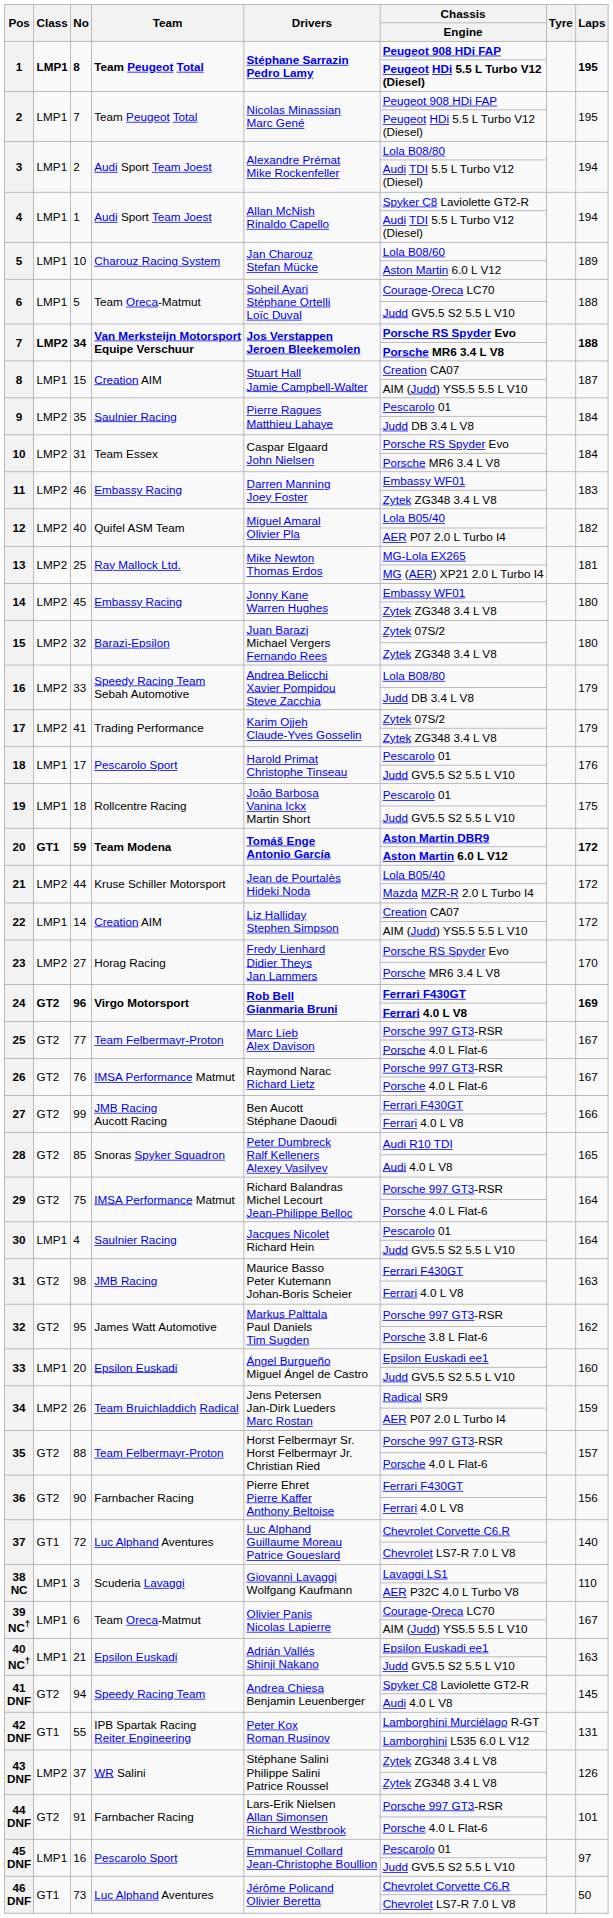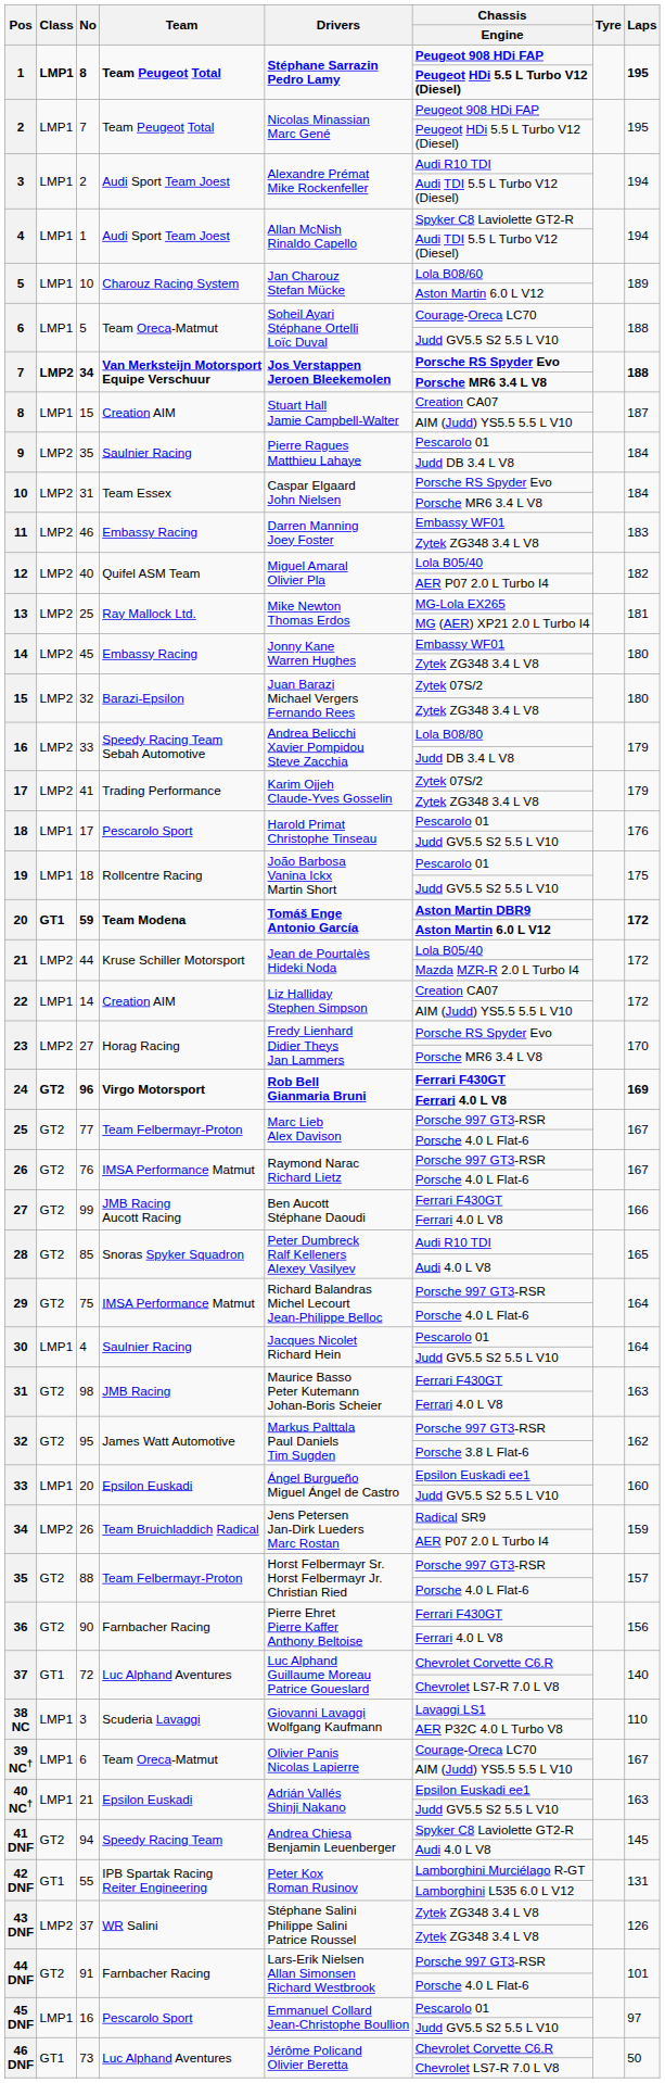 <table class="wikitable" style="font-size: 95%;">
 <tr>
 <th rowspan=2>Pos</th>
 <th rowspan=2>Class</th>
 <th rowspan=2>No</th>
 <th rowspan=2>Team</th>
 <th rowspan=2>Drivers</th>
 <th>Chassis</th>
 <th rowspan=2>Tyre</th>
 <th rowspan=2>Laps</th>
 </tr>
 <tr>
 <th>Engine</th>
 </tr>
 <tr style="font-weight:bold">
 <th rowspan=2>1</th>
 <td rowspan=2>LMP1</td>
 <td rowspan=2>8</td>
 <td rowspan=2> Team <a href='#'>Peugeot</a> <a href='#'>Total</a></td>
 <td rowspan=2> <a href='#'>Stéphane Sarrazin</a><br> <a href='#'>Pedro Lamy</a></td>
 <td><a href='#'>Peugeot 908 HDi FAP</a></td>
 <td rowspan=2></td>
 <td rowspan=2>195</td>
 </tr>
 <tr style="font-weight:bold">
 <td><a href='#'>Peugeot</a> <a href='#'>HDi</a> 5.5 L Turbo V12<br>(Diesel)</td>
 </tr>
 <tr>
 <th rowspan=2>2</th>
 <td rowspan=2>LMP1</td>
 <td rowspan=2>7</td>
 <td rowspan=2> Team <a href='#'>Peugeot</a> <a href='#'>Total</a></td>
 <td rowspan=2> <a href='#'>Nicolas Minassian</a><br> <a href='#'>Marc Gené</a></td>
 <td><a href='#'>Peugeot 908 HDi FAP</a></td>
 <td rowspan=2></td>
 <td rowspan=2>195</td>
 </tr>
 <tr>
 <td><a href='#'>Peugeot</a> <a href='#'>HDi</a> 5.5 L Turbo V12<br>(Diesel)</td>
 </tr>
 <tr>
 <th rowspan=2>3</th>
 <td rowspan=2>LMP1</td>
 <td rowspan=2>2</td>
 <td rowspan=2> <a href='#'>Audi</a> Sport <a href='#'>Team Joest</a></td>
 <td rowspan=2> <a href='#'>Alexandre Prémat</a><br> <a href='#'>Mike Rockenfeller</a></td>
-<td><a href='#'>Lola B08/80</a></td>
+<td><a href='#'>Audi R10 TDI</a></td>
 <td rowspan=2></td>
 <td rowspan=2>194</td>
 </tr>
 <tr>
 <td><a href='#'>Audi</a> <a href='#'>TDI</a> 5.5 L Turbo V12<br>(Diesel)</td>
 </tr>
 <tr>
 <th rowspan=2>4</th>
 <td rowspan=2>LMP1</td>
 <td rowspan=2>1</td>
 <td rowspan=2> <a href='#'>Audi</a> Sport <a href='#'>Team Joest</a></td>
 <td rowspan=2> <a href='#'>Allan McNish</a><br> <a href='#'>Rinaldo Capello</a></td>
 <td><a href='#'>Spyker C8</a> Laviolette GT2-R</td>
 <td rowspan=2></td>
 <td rowspan=2>194</td>
 </tr>
 <tr>
 <td><a href='#'>Audi</a> <a href='#'>TDI</a> 5.5 L Turbo V12<br>(Diesel)</td>
 </tr>
 <tr>
 <th rowspan=2>5</th>
 <td rowspan=2>LMP1</td>
 <td rowspan=2>10</td>
 <td rowspan=2> <a href='#'>Charouz Racing System</a></td>
 <td rowspan=2> <a href='#'>Jan Charouz</a><br> <a href='#'>Stefan Mücke</a></td>
 <td><a href='#'>Lola B08/60</a></td>
 <td rowspan=2></td>
 <td rowspan=2>189</td>
 </tr>
 <tr>
 <td><a href='#'>Aston Martin</a> 6.0 L V12</td>
 </tr>
 <tr>
 <th rowspan=2>6</th>
 <td rowspan=2>LMP1</td>
 <td rowspan=2>5</td>
 <td rowspan=2> Team <a href='#'>Oreca</a>-Matmut</td>
 <td rowspan=2> <a href='#'>Soheil Ayari</a><br> <a href='#'>Stéphane Ortelli</a><br> <a href='#'>Loïc Duval</a></td>
 <td><a href='#'>Courage</a>-<a href='#'>Oreca</a> LC70</td>
 <td rowspan=2></td>
 <td rowspan=2>188</td>
 </tr>
 <tr>
 <td><a href='#'>Judd</a> GV5.5 S2 5.5 L V10</td>
 </tr>
 <tr style="font-weight:bold">
 <th rowspan=2>7</th>
 <td rowspan=2>LMP2</td>
 <td rowspan=2>34</td>
 <td rowspan=2> <a href='#'>Van Merksteijn Motorsport</a><br> Equipe Verschuur</td>
 <td rowspan=2> <a href='#'>Jos Verstappen</a><br> <a href='#'>Jeroen Bleekemolen</a></td>
 <td><a href='#'>Porsche RS Spyder</a> Evo</td>
 <td rowspan=2></td>
 <td rowspan=2>188</td>
 </tr>
 <tr style="font-weight:bold">
 <td><a href='#'>Porsche</a> MR6 3.4 L V8</td>
 </tr>
 <tr>
 <th rowspan=2>8</th>
 <td rowspan=2>LMP1</td>
 <td rowspan=2>15</td>
 <td rowspan=2> <a href='#'>Creation</a> AIM</td>
 <td rowspan=2> <a href='#'>Stuart Hall</a><br> <a href='#'>Jamie Campbell-Walter</a></td>
 <td><a href='#'>Creation</a> CA07</td>
 <td rowspan=2></td>
 <td rowspan=2>187</td>
 </tr>
 <tr>
 <td>AIM (<a href='#'>Judd</a>) YS5.5 5.5 L V10</td>
 </tr>
 <tr>
 <th rowspan=2>9</th>
 <td rowspan=2>LMP2</td>
 <td rowspan=2>35</td>
 <td rowspan=2> <a href='#'>Saulnier Racing</a></td>
 <td rowspan=2> <a href='#'>Pierre Ragues</a><br> <a href='#'>Matthieu Lahaye</a></td>
 <td><a href='#'>Pescarolo</a> 01</td>
 <td rowspan=2></td>
 <td rowspan=2>184</td>
 </tr>
 <tr>
 <td><a href='#'>Judd</a> DB 3.4 L V8</td>
 </tr>
 <tr>
 <th rowspan=2>10</th>
 <td rowspan=2>LMP2</td>
 <td rowspan=2>31</td>
 <td rowspan=2> Team Essex</td>
 <td rowspan=2> Caspar Elgaard<br> <a href='#'>John Nielsen</a></td>
 <td><a href='#'>Porsche RS Spyder</a> Evo</td>
 <td rowspan=2></td>
 <td rowspan=2>184</td>
 </tr>
 <tr>
 <td><a href='#'>Porsche</a> MR6 3.4 L V8</td>
 </tr>
 <tr>
 <th rowspan=2>11</th>
 <td rowspan=2>LMP2</td>
 <td rowspan=2>46</td>
 <td rowspan=2> <a href='#'>Embassy Racing</a></td>
 <td rowspan=2> <a href='#'>Darren Manning</a><br> <a href='#'>Joey Foster</a></td>
 <td><a href='#'>Embassy WF01</a></td>
 <td rowspan=2></td>
 <td rowspan=2>183</td>
 </tr>
 <tr>
 <td><a href='#'>Zytek</a> ZG348 3.4 L V8</td>
 </tr>
 <tr>
 <th rowspan=2>12</th>
 <td rowspan=2>LMP2</td>
 <td rowspan=2>40</td>
 <td rowspan=2> Quifel ASM Team</td>
 <td rowspan=2> <a href='#'>Miguel Amaral</a><br> <a href='#'>Olivier Pla</a></td>
 <td><a href='#'>Lola B05/40</a></td>
 <td rowspan=2></td>
 <td rowspan=2>182</td>
 </tr>
 <tr>
 <td><a href='#'>AER</a> P07 2.0 L Turbo I4</td>
 </tr>
 <tr>
 <th rowspan=2>13</th>
 <td rowspan=2>LMP2</td>
 <td rowspan=2>25</td>
 <td rowspan=2> <a href='#'>Ray Mallock Ltd.</a></td>
 <td rowspan=2> <a href='#'>Mike Newton</a><br> <a href='#'>Thomas Erdos</a></td>
 <td><a href='#'>MG-Lola EX265</a></td>
 <td rowspan=2></td>
 <td rowspan=2>181</td>
 </tr>
 <tr>
 <td><a href='#'>MG</a> (<a href='#'>AER</a>) XP21 2.0 L Turbo I4</td>
 </tr>
 <tr>
 <th rowspan=2>14</th>
 <td rowspan=2>LMP2</td>
 <td rowspan=2>45</td>
 <td rowspan=2> <a href='#'>Embassy Racing</a></td>
 <td rowspan=2> <a href='#'>Jonny Kane</a><br> <a href='#'>Warren Hughes</a></td>
 <td><a href='#'>Embassy WF01</a></td>
 <td rowspan=2></td>
 <td rowspan=2>180</td>
 </tr>
 <tr>
 <td><a href='#'>Zytek</a> ZG348 3.4 L V8</td>
 </tr>
 <tr>
 <th rowspan=2>15</th>
 <td rowspan=2>LMP2</td>
 <td rowspan=2>32</td>
 <td rowspan=2> <a href='#'>Barazi-Epsilon</a></td>
 <td rowspan=2> <a href='#'>Juan Barazi</a><br> Michael Vergers<br> <a href='#'>Fernando Rees</a></td>
 <td><a href='#'>Zytek</a> 07S/2</td>
 <td rowspan=2></td>
 <td rowspan=2>180</td>
 </tr>
 <tr>
 <td><a href='#'>Zytek</a> ZG348 3.4 L V8</td>
 </tr>
 <tr>
 <th rowspan=2>16</th>
 <td rowspan=2>LMP2</td>
 <td rowspan=2>33</td>
 <td rowspan=2> <a href='#'>Speedy Racing Team</a><br> Sebah Automotive</td>
 <td rowspan=2> <a href='#'>Andrea Belicchi</a><br> <a href='#'>Xavier Pompidou</a><br> <a href='#'>Steve Zacchia</a></td>
 <td><a href='#'>Lola B08/80</a></td>
 <td rowspan=2></td>
 <td rowspan=2>179</td>
 </tr>
 <tr>
 <td><a href='#'>Judd</a> DB 3.4 L V8</td>
 </tr>
 <tr>
 <th rowspan=2>17</th>
 <td rowspan=2>LMP2</td>
 <td rowspan=2>41</td>
 <td rowspan=2> Trading Performance</td>
 <td rowspan=2> <a href='#'>Karim Ojjeh</a><br> <a href='#'>Claude-Yves Gosselin</a></td>
 <td><a href='#'>Zytek</a> 07S/2</td>
 <td rowspan=2></td>
 <td rowspan=2>179</td>
 </tr>
 <tr>
 <td><a href='#'>Zytek</a> ZG348 3.4 L V8</td>
 </tr>
 <tr>
 <th rowspan=2>18</th>
 <td rowspan=2>LMP1</td>
 <td rowspan=2>17</td>
 <td rowspan=2> <a href='#'>Pescarolo Sport</a></td>
 <td rowspan=2> <a href='#'>Harold Primat</a><br> <a href='#'>Christophe Tinseau</a></td>
 <td><a href='#'>Pescarolo</a> 01</td>
 <td rowspan=2></td>
 <td rowspan=2>176</td>
 </tr>
 <tr>
 <td><a href='#'>Judd</a> GV5.5 S2 5.5 L V10</td>
 </tr>
 <tr>
 <th rowspan=2>19</th>
 <td rowspan=2>LMP1</td>
 <td rowspan=2>18</td>
 <td rowspan=2> Rollcentre Racing</td>
 <td rowspan=2> <a href='#'>João Barbosa</a><br> <a href='#'>Vanina Ickx</a><br> Martin Short</td>
 <td><a href='#'>Pescarolo</a> 01</td>
 <td rowspan=2></td>
 <td rowspan=2>175</td>
 </tr>
 <tr>
 <td><a href='#'>Judd</a> GV5.5 S2 5.5 L V10</td>
 </tr>
 <tr style="font-weight:bold">
 <th rowspan=2>20</th>
 <td rowspan=2>GT1</td>
 <td rowspan=2>59</td>
 <td rowspan=2> Team Modena</td>
 <td rowspan=2> <a href='#'>Tomáš Enge</a><br> <a href='#'>Antonio García</a></td>
 <td><a href='#'>Aston Martin DBR9</a></td>
 <td rowspan=2></td>
 <td rowspan=2>172</td>
 </tr>
 <tr style="font-weight:bold">
 <td><a href='#'>Aston Martin</a> 6.0 L V12</td>
 </tr>
 <tr>
 <th rowspan=2>21</th>
 <td rowspan=2>LMP2</td>
 <td rowspan=2>44</td>
 <td rowspan=2> Kruse Schiller Motorsport</td>
 <td rowspan=2> <a href='#'>Jean de Pourtalès</a><br> <a href='#'>Hideki Noda</a></td>
 <td><a href='#'>Lola B05/40</a></td>
 <td rowspan=2></td>
 <td rowspan=2>172</td>
 </tr>
 <tr>
 <td><a href='#'>Mazda</a> <a href='#'>MZR-R</a> 2.0 L Turbo I4</td>
 </tr>
 <tr>
 <th rowspan=2>22</th>
 <td rowspan=2>LMP1</td>
 <td rowspan=2>14</td>
 <td rowspan=2> <a href='#'>Creation</a> AIM</td>
 <td rowspan=2> <a href='#'>Liz Halliday</a><br> <a href='#'>Stephen Simpson</a></td>
 <td><a href='#'>Creation</a> CA07</td>
 <td rowspan=2></td>
 <td rowspan=2>172</td>
 </tr>
 <tr>
 <td>AIM (<a href='#'>Judd</a>) YS5.5 5.5 L V10</td>
 </tr>
 <tr>
 <th rowspan=2>23</th>
 <td rowspan=2>LMP2</td>
 <td rowspan=2>27</td>
 <td rowspan=2> Horag Racing</td>
 <td rowspan=2> <a href='#'>Fredy Lienhard</a><br> <a href='#'>Didier Theys</a><br> <a href='#'>Jan Lammers</a></td>
 <td><a href='#'>Porsche RS Spyder</a> Evo</td>
 <td rowspan=2></td>
 <td rowspan=2>170</td>
 </tr>
 <tr>
 <td><a href='#'>Porsche</a> MR6 3.4 L V8</td>
 </tr>
 <tr style="font-weight:bold">
 <th rowspan=2>24</th>
 <td rowspan=2>GT2</td>
 <td rowspan=2>96</td>
 <td rowspan=2> Virgo Motorsport</td>
 <td rowspan=2> <a href='#'>Rob Bell</a><br> <a href='#'>Gianmaria Bruni</a></td>
 <td><a href='#'>Ferrari F430GT</a></td>
 <td rowspan=2></td>
 <td rowspan=2>169</td>
 </tr>
 <tr style="font-weight:bold">
 <td><a href='#'>Ferrari</a> 4.0 L V8</td>
 </tr>
 <tr>
 <th rowspan=2>25</th>
 <td rowspan=2>GT2</td>
 <td rowspan=2>77</td>
 <td rowspan=2> <a href='#'>Team Felbermayr-Proton</a></td>
 <td rowspan=2> <a href='#'>Marc Lieb</a><br> <a href='#'>Alex Davison</a></td>
 <td><a href='#'>Porsche 997 GT3</a>-RSR</td>
 <td rowspan=2></td>
 <td rowspan=2>167</td>
 </tr>
 <tr>
 <td><a href='#'>Porsche</a> 4.0 L Flat-6</td>
 </tr>
 <tr>
 <th rowspan=2>26</th>
 <td rowspan=2>GT2</td>
 <td rowspan=2>76</td>
 <td rowspan=2> <a href='#'>IMSA Performance</a> Matmut</td>
 <td rowspan=2> Raymond Narac<br> <a href='#'>Richard Lietz</a></td>
 <td><a href='#'>Porsche 997 GT3</a>-RSR</td>
 <td rowspan=2></td>
 <td rowspan=2>167</td>
 </tr>
 <tr>
 <td><a href='#'>Porsche</a> 4.0 L Flat-6</td>
 </tr>
 <tr>
 <th rowspan=2>27</th>
 <td rowspan=2>GT2</td>
 <td rowspan=2>99</td>
 <td rowspan=2> <a href='#'>JMB Racing</a><br> Aucott Racing</td>
 <td rowspan=2> Ben Aucott<br> Stéphane Daoudi</td>
 <td><a href='#'>Ferrari F430GT</a></td>
 <td rowspan=2></td>
 <td rowspan=2>166</td>
 </tr>
 <tr>
 <td><a href='#'>Ferrari</a> 4.0 L V8</td>
 </tr>
 <tr>
 <th rowspan=2>28</th>
 <td rowspan=2>GT2</td>
 <td rowspan=2>85</td>
 <td rowspan=2> Snoras <a href='#'>Spyker Squadron</a></td>
 <td rowspan=2> <a href='#'>Peter Dumbreck</a><br> <a href='#'>Ralf Kelleners</a><br> <a href='#'>Alexey Vasilyev</a></td>
 <td><a href='#'>Audi R10 TDI</a></td>
 <td rowspan=2></td>
 <td rowspan=2>165</td>
 </tr>
 <tr>
 <td><a href='#'>Audi</a> 4.0 L V8</td>
 </tr>
 <tr>
 <th rowspan=2>29</th>
 <td rowspan=2>GT2</td>
 <td rowspan=2>75</td>
 <td rowspan=2> <a href='#'>IMSA Performance</a> Matmut</td>
 <td rowspan=2> Richard Balandras<br> Michel Lecourt<br> <a href='#'>Jean-Philippe Belloc</a></td>
 <td><a href='#'>Porsche 997 GT3</a>-RSR</td>
 <td rowspan=2></td>
 <td rowspan=2>164</td>
 </tr>
 <tr>
 <td><a href='#'>Porsche</a> 4.0 L Flat-6</td>
 </tr>
 <tr>
 <th rowspan=2>30</th>
 <td rowspan=2>LMP1</td>
 <td rowspan=2>4</td>
 <td rowspan=2> <a href='#'>Saulnier Racing</a></td>
 <td rowspan=2> <a href='#'>Jacques Nicolet</a><br> Richard Hein</td>
 <td><a href='#'>Pescarolo</a> 01</td>
 <td rowspan=2></td>
 <td rowspan=2>164</td>
 </tr>
 <tr>
 <td><a href='#'>Judd</a> GV5.5 S2 5.5 L V10</td>
 </tr>
 <tr>
 <th rowspan=2>31</th>
 <td rowspan=2>GT2</td>
 <td rowspan=2>98</td>
 <td rowspan=2> <a href='#'>JMB Racing</a></td>
 <td rowspan=2> Maurice Basso<br> Peter Kutemann<br> Johan-Boris Scheier</td>
 <td><a href='#'>Ferrari F430GT</a></td>
 <td rowspan=2></td>
 <td rowspan=2>163</td>
 </tr>
 <tr>
 <td><a href='#'>Ferrari</a> 4.0 L V8</td>
 </tr>
 <tr>
 <th rowspan=2>32</th>
 <td rowspan=2>GT2</td>
 <td rowspan=2>95</td>
 <td rowspan=2> James Watt Automotive</td>
 <td rowspan=2> <a href='#'>Markus Palttala</a><br> Paul Daniels<br> <a href='#'>Tim Sugden</a></td>
 <td><a href='#'>Porsche 997 GT3</a>-RSR</td>
 <td rowspan=2></td>
 <td rowspan=2>162</td>
 </tr>
 <tr>
 <td><a href='#'>Porsche</a> 3.8 L Flat-6</td>
 </tr>
 <tr>
 <th rowspan=2>33</th>
 <td rowspan=2>LMP1</td>
 <td rowspan=2>20</td>
 <td rowspan=2> <a href='#'>Epsilon Euskadi</a></td>
 <td rowspan=2> <a href='#'>Ángel Burgueño</a><br> Miguel Ángel de Castro</td>
 <td><a href='#'>Epsilon Euskadi ee1</a></td>
 <td rowspan=2></td>
 <td rowspan=2>160</td>
 </tr>
 <tr>
 <td><a href='#'>Judd</a> GV5.5 S2 5.5 L V10</td>
 </tr>
 <tr>
 <th rowspan=2>34</th>
 <td rowspan=2>LMP2</td>
 <td rowspan=2>26</td>
 <td rowspan=2> <a href='#'>Team Bruichladdich</a> <a href='#'>Radical</a></td>
 <td rowspan=2> Jens Petersen<br> Jan-Dirk Lueders<br> <a href='#'>Marc Rostan</a></td>
 <td><a href='#'>Radical</a> SR9</td>
 <td rowspan=2></td>
 <td rowspan=2>159</td>
 </tr>
 <tr>
 <td><a href='#'>AER</a> P07 2.0 L Turbo I4</td>
 </tr>
 <tr>
 <th rowspan=2>35</th>
 <td rowspan=2>GT2</td>
 <td rowspan=2>88</td>
 <td rowspan=2> <a href='#'>Team Felbermayr-Proton</a></td>
 <td rowspan=2> Horst Felbermayr Sr.<br> Horst Felbermayr Jr.<br> Christian Ried</td>
 <td><a href='#'>Porsche 997 GT3</a>-RSR</td>
 <td rowspan=2></td>
 <td rowspan=2>157</td>
 </tr>
 <tr>
 <td><a href='#'>Porsche</a> 4.0 L Flat-6</td>
 </tr>
 <tr>
 <th rowspan=2>36</th>
 <td rowspan=2>GT2</td>
 <td rowspan=2>90</td>
 <td rowspan=2> Farnbacher Racing</td>
 <td rowspan=2> Pierre Ehret<br> <a href='#'>Pierre Kaffer</a><br> <a href='#'>Anthony Beltoise</a></td>
 <td><a href='#'>Ferrari F430GT</a></td>
 <td rowspan=2></td>
 <td rowspan=2>156</td>
 </tr>
 <tr>
 <td><a href='#'>Ferrari</a> 4.0 L V8</td>
 </tr>
 <tr>
 <th rowspan=2>37</th>
 <td rowspan=2>GT1</td>
 <td rowspan=2>72</td>
 <td rowspan=2> <a href='#'>Luc Alphand</a> Aventures</td>
 <td rowspan=2> <a href='#'>Luc Alphand</a><br> <a href='#'>Guillaume Moreau</a><br> <a href='#'>Patrice Goueslard</a></td>
 <td><a href='#'>Chevrolet Corvette C6.R</a></td>
 <td rowspan=2></td>
 <td rowspan=2>140</td>
 </tr>
 <tr>
 <td><a href='#'>Chevrolet</a> LS7-R 7.0 L V8</td>
 </tr>
 <tr>
 <th rowspan=2>38<br>NC</th>
 <td rowspan=2>LMP1</td>
 <td rowspan=2>3</td>
 <td rowspan=2> Scuderia <a href='#'>Lavaggi</a></td>
 <td rowspan=2> <a href='#'>Giovanni Lavaggi</a><br> Wolfgang Kaufmann</td>
 <td><a href='#'>Lavaggi LS1</a></td>
 <td rowspan=2></td>
 <td rowspan=2>110</td>
 </tr>
 <tr>
 <td><a href='#'>AER</a> P32C 4.0 L Turbo V8</td>
 </tr>
 <tr>
 <th rowspan=2>39<br>NC<sup>†</sup></th>
 <td rowspan=2>LMP1</td>
 <td rowspan=2>6</td>
 <td rowspan=2> Team <a href='#'>Oreca</a>-Matmut</td>
 <td rowspan=2> <a href='#'>Olivier Panis</a><br> <a href='#'>Nicolas Lapierre</a></td>
 <td><a href='#'>Courage</a>-<a href='#'>Oreca</a> LC70</td>
 <td rowspan=2></td>
 <td rowspan=2>167</td>
 </tr>
 <tr>
 <td>AIM (<a href='#'>Judd</a>) YS5.5 5.5 L V10</td>
 </tr>
 <tr>
 <th rowspan=2>40<br>NC<sup>†</sup></th>
 <td rowspan=2>LMP1</td>
 <td rowspan=2>21</td>
 <td rowspan=2> <a href='#'>Epsilon Euskadi</a></td>
 <td rowspan=2> <a href='#'>Adrián Vallés</a><br> <a href='#'>Shinji Nakano</a></td>
 <td><a href='#'>Epsilon Euskadi ee1</a></td>
 <td rowspan=2></td>
 <td rowspan=2>163</td>
 </tr>
 <tr>
 <td><a href='#'>Judd</a> GV5.5 S2 5.5 L V10</td>
 </tr>
 <tr>
 <th rowspan=2>41<br>DNF</th>
 <td rowspan=2>GT2</td>
 <td rowspan=2>94</td>
 <td rowspan=2> <a href='#'>Speedy Racing Team</a></td>
 <td rowspan=2> <a href='#'>Andrea Chiesa</a><br> Benjamin Leuenberger</td>
 <td><a href='#'>Spyker C8</a> Laviolette GT2-R</td>
 <td rowspan=2></td>
 <td rowspan=2>145</td>
 </tr>
 <tr>
 <td><a href='#'>Audi</a> 4.0 L V8</td>
 </tr>
 <tr>
 <th rowspan=2>42<br>DNF</th>
 <td rowspan=2>GT1</td>
 <td rowspan=2>55</td>
 <td rowspan=2> IPB Spartak Racing<br> <a href='#'>Reiter Engineering</a></td>
 <td rowspan=2> <a href='#'>Peter Kox</a><br> <a href='#'>Roman Rusinov</a></td>
 <td><a href='#'>Lamborghini Murciélago</a> R-GT</td>
 <td rowspan=2></td>
 <td rowspan=2>131</td>
 </tr>
 <tr>
 <td><a href='#'>Lamborghini</a> L535 6.0 L V12</td>
 </tr>
 <tr>
 <th rowspan=2>43<br>DNF</th>
 <td rowspan=2>LMP2</td>
 <td rowspan=2>37</td>
 <td rowspan=2> <a href='#'>WR</a> Salini</td>
 <td rowspan=2> Stéphane Salini<br> Philippe Salini<br> Patrice Roussel</td>
 <td><a href='#'>Zytek</a> ZG348 3.4 L V8</td>
 <td rowspan=2></td>
 <td rowspan=2>126</td>
 </tr>
 <tr>
 <td><a href='#'>Zytek</a> ZG348 3.4 L V8</td>
 </tr>
 <tr>
 <th rowspan=2>44<br>DNF</th>
 <td rowspan=2>GT2</td>
 <td rowspan=2>91</td>
 <td rowspan=2> Farnbacher Racing</td>
 <td rowspan=2> Lars-Erik Nielsen<br> <a href='#'>Allan Simonsen</a><br> <a href='#'>Richard Westbrook</a></td>
 <td><a href='#'>Porsche 997 GT3</a>-RSR</td>
 <td rowspan=2></td>
 <td rowspan=2>101</td>
 </tr>
 <tr>
 <td><a href='#'>Porsche</a> 4.0 L Flat-6</td>
 </tr>
 <tr>
 <th rowspan=2>45<br>DNF</th>
 <td rowspan=2>LMP1</td>
 <td rowspan=2>16</td>
 <td rowspan=2> <a href='#'>Pescarolo Sport</a></td>
 <td rowspan=2> <a href='#'>Emmanuel Collard</a><br> <a href='#'>Jean-Christophe Boullion</a></td>
 <td><a href='#'>Pescarolo</a> 01</td>
 <td rowspan=2></td>
 <td rowspan=2>97</td>
 </tr>
 <tr>
 <td><a href='#'>Judd</a> GV5.5 S2 5.5 L V10</td>
 </tr>
 <tr>
 <th rowspan=2>46<br>DNF</th>
 <td rowspan=2>GT1</td>
 <td rowspan=2>73</td>
 <td rowspan=2> <a href='#'>Luc Alphand</a> Aventures</td>
 <td rowspan=2> <a href='#'>Jérôme Policand</a><br> <a href='#'>Olivier Beretta</a></td>
 <td><a href='#'>Chevrolet Corvette C6.R</a></td>
 <td rowspan=2></td>
 <td rowspan=2>50</td>
 </tr>
 <tr>
 <td><a href='#'>Chevrolet</a> LS7-R 7.0 L V8</td>
 </tr>
 </table>
